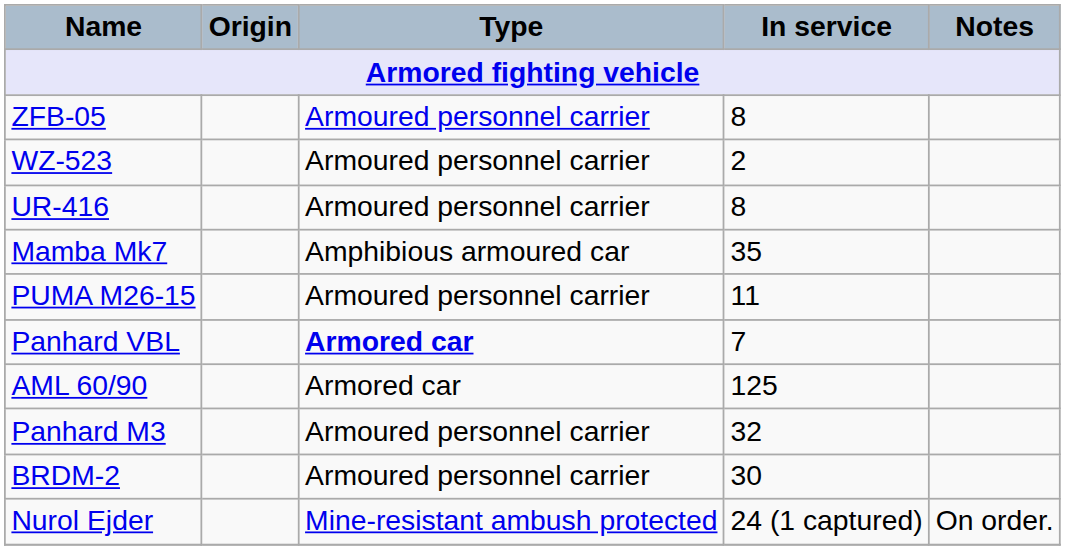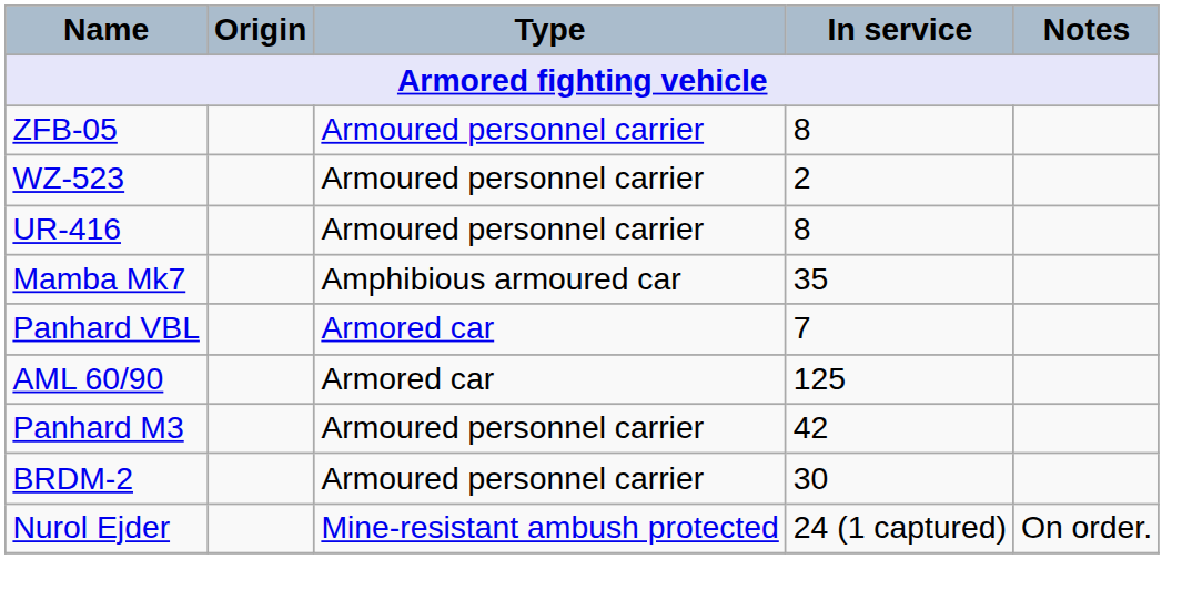 <table class="wikitable">
 <tr>
 <th style="text-align:center; background:#aabccc;">Name</th>
 <th style="text-align: center; background:#aabccc;">Origin</th>
 <th style="text-align:l center; background:#aabccc;">Type</th>
 <th style="text-align:l center; background:#aabccc;">In service</th>
 <th style="text-align: center; background:#aabccc;">Notes</th>
 </tr>
 <tr>
 <th colspan="5" style="align: center; background: lavender;"><a href='#'>Armored fighting vehicle</a></th>
 </tr>
 <tr>
 <td><a href='#'>ZFB-05</a></td>
 <td></td>
 <td><a href='#'>Armoured personnel carrier</a></td>
 <td>8</td>
 <td></td>
 </tr>
 <tr>
 <td><a href='#'>WZ-523</a></td>
 <td></td>
 <td>Armoured personnel carrier</td>
 <td>2</td>
 <td></td>
 </tr>
 <tr>
 <td><a href='#'>UR-416</a></td>
 <td></td>
 <td>Armoured personnel carrier</td>
 <td>8</td>
 <td></td>
 </tr>
 <tr>
 <td><a href='#'>Mamba Mk7</a></td>
 <td></td>
 <td>Amphibious armoured car</td>
 <td>35</td>
 <td></td>
 </tr>
 <tr>
-<td><a href='#'>PUMA M26-15</a></td>
-<td></td>
-<td>Armoured personnel carrier</td>
-<td>11</td>
-<td></td>
-</tr>
-<tr>
 <td><a href='#'>Panhard VBL</a></td>
 <td></td>
-<td><strong><a href='#'>Armored car</a></strong></td>
+<td><a href='#'>Armored car</a></td>
 <td>7</td>
 <td></td>
 </tr>
 <tr>
 <td><a href='#'>AML 60/90</a></td>
 <td></td>
 <td>Armored car</td>
 <td>125 </td>
 <td></td>
 </tr>
 <tr>
 <td><a href='#'>Panhard M3</a></td>
 <td></td>
 <td>Armoured personnel carrier</td>
-<td>32</td>
+<td>42</td>
 <td></td>
 </tr>
 <tr>
 <td><a href='#'>BRDM-2</a></td>
 <td></td>
 <td>Armoured personnel carrier</td>
 <td>30</td>
 </tr>
 <tr>
 <td><a href='#'>Nurol Ejder</a></td>
 <td></td>
 <td><a href='#'>Mine-resistant ambush protected</a></td>
 <td>24 (1 captured)</td>
 <td>On order.</td>
 </tr>
 <tr>
 </tr>
 </table>
